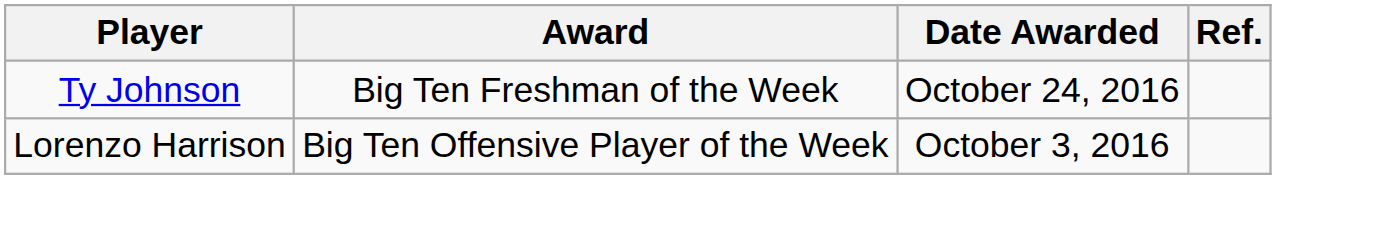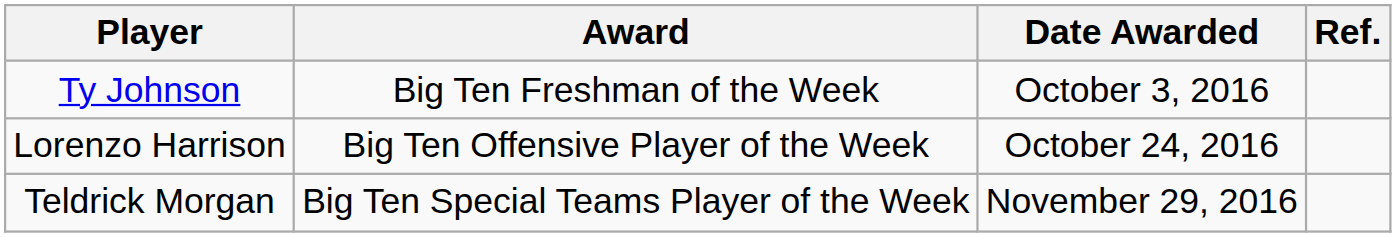 <table class="wikitable sortable sortable" style="text-align: center">
 <tr align=center>
 <th>Player</th>
 <th>Award</th>
 <th>Date Awarded</th>
 <th>Ref.</th>
 </tr>
 <tr>
 <td><a href='#'>Ty Johnson</a></td>
 <td>Big Ten Freshman of the Week</td>
-<td>October 24, 2016</td>
+<td>October 3, 2016</td>
 <td></td>
 </tr>
 <tr>
 <td>Lorenzo Harrison</td>
 <td>Big Ten Offensive Player of the Week</td>
-<td>October 3, 2016</td>
+<td>October 24, 2016</td>
+<td></td>
+</tr>
+<tr>
+<td>Teldrick Morgan</td>
+<td>Big Ten Special Teams Player of the Week</td>
+<td>November 29, 2016</td>
 <td></td>
 </tr>
 </table>
